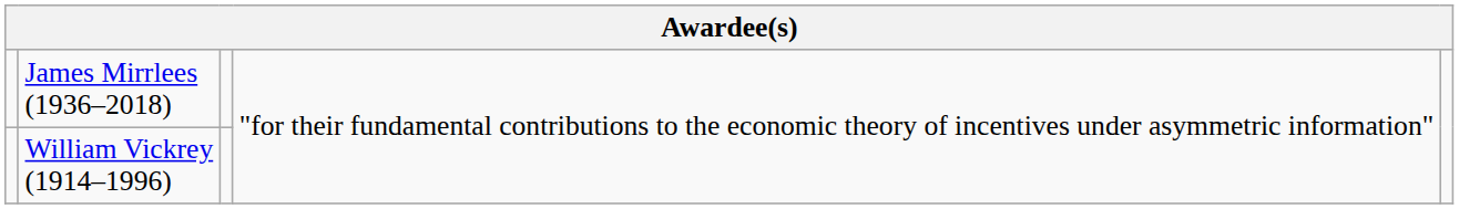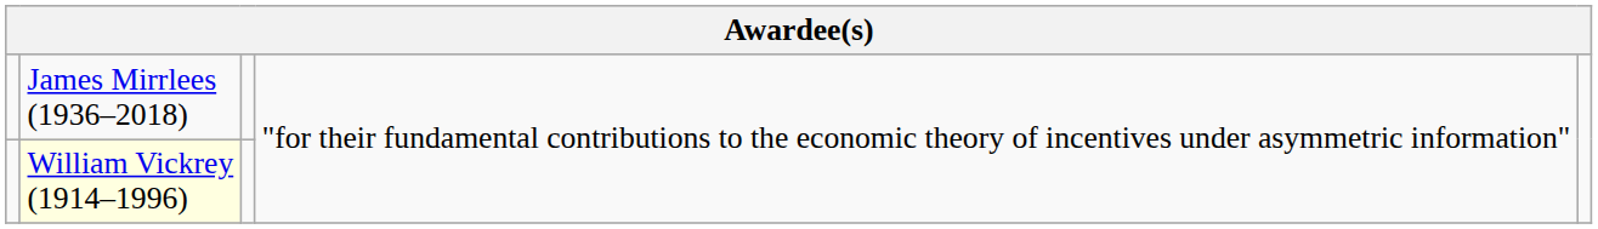 <table class="wikitable">
 <tr>
 <th colspan="5">Awardee(s)</th>
 </tr>
 <tr>
 <td></td>
 <td><a href='#'>James Mirrlees</a><br>(1936–2018)</td>
 <td></td>
 <td rowspan="2">"for their fundamental contributions to the economic theory of incentives under asymmetric information"</td>
 <td rowspan="2"></td>
 </tr>
 <tr>
 <td></td>
-<td><a href='#'>William Vickrey</a><br>(1914–1996)</td>
+<td style="background: lightyellow;"><a href='#'>William Vickrey</a><br>(1914–1996)</td>
 <td><br></td>
 </tr>
 </table>
